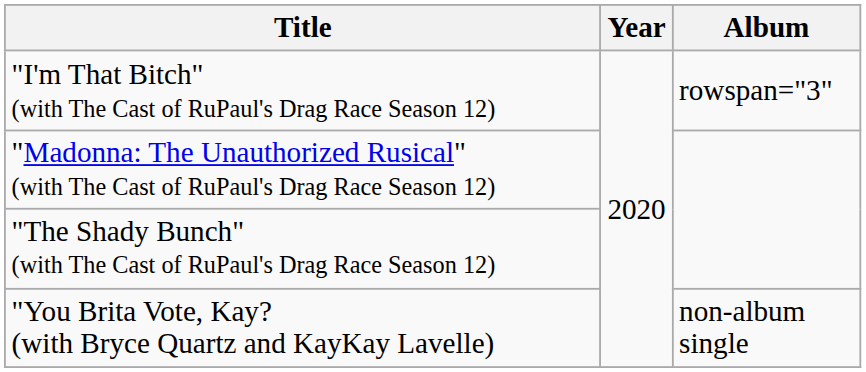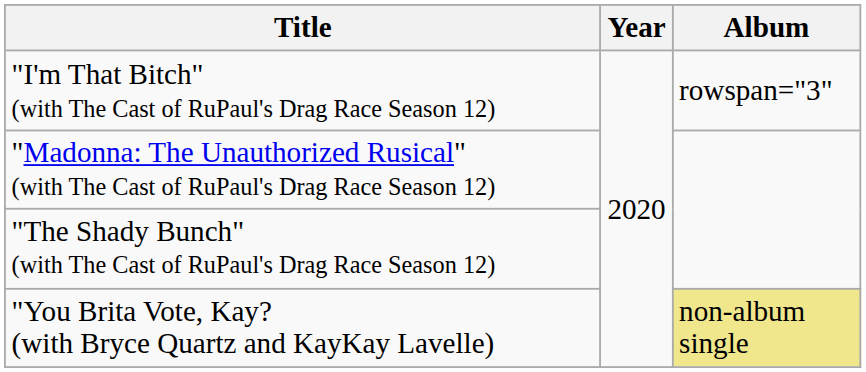 <table class="wikitable plainrowheaders" style="text-align:left;">
 <tr>
 <th scope="col"  style="width:20em;">Title</th>
 <th scope="col"  style="width:2em;">Year</th>
 <th scope="col"  style="width:6em;">Album</th>
 </tr>
 <tr>
 <td scope="row">"I'm That Bitch"<br><small>(with The Cast of RuPaul's Drag Race Season 12)</small></td>
 <td rowspan="4">2020</td>
 <td>rowspan="3" </td>
 </tr>
 <tr>
 <td scope="row">"<a href='#'>Madonna: The Unauthorized Rusical</a>" <br><small>(with The Cast of RuPaul's Drag Race Season 12)</small></td>
 </tr>
 <tr>
 <td>"The Shady Bunch"<br><small>(with The Cast of RuPaul's Drag Race Season 12)</small></td>
 </tr>
 <tr>
 <td>"You Brita Vote, Kay?<br>(with Bryce Quartz and KayKay Lavelle)</td>
-<td>non-album<br>single</td>
+<td style="background: khaki;">non-album<br>single</td>
 </tr>
 </table>
